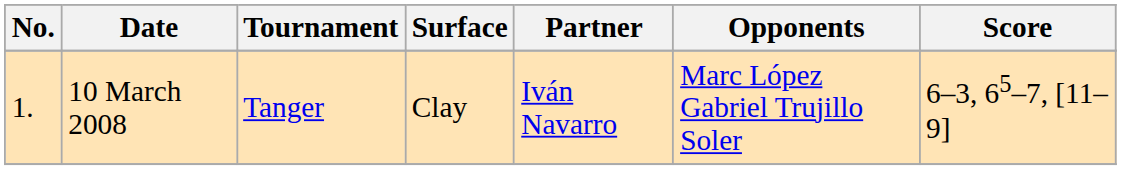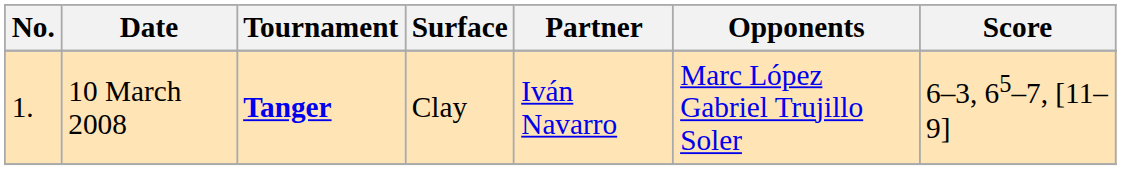 <table class="wikitable">
 <tr>
 <th>No.</th>
 <th>Date</th>
 <th>Tournament</th>
 <th>Surface</th>
 <th>Partner</th>
 <th>Opponents</th>
 <th>Score</th>
 </tr>
 <tr>
 </tr>
 <tr bgcolor="moccasin">
 <td>1.</td>
 <td>10 March 2008</td>
-<td><a href='#'>Tanger</a></td>
+<td><strong><a href='#'>Tanger</a></strong></td>
 <td>Clay</td>
 <td> <a href='#'>Iván Navarro</a></td>
 <td> <a href='#'>Marc López</a> <br>  <a href='#'>Gabriel Trujillo Soler</a></td>
 <td>6–3, 6<sup>5</sup>–7, [11–9]</td>
 </tr>
 <tr>
 </tr>
 </table>
